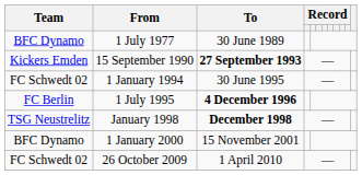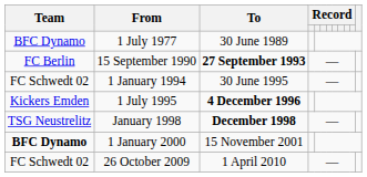 <table class="wikitable" style="text-align: center">
 <tr>
 <th rowspan="2">Team</th>
 <th rowspan="2">From</th>
 <th rowspan="2">To</th>
 <th colspan="8">Record</th>
 <th rowspan="2"></th>
 </tr>
 <tr>
 <th></th>
 <th></th>
 <th></th>
 <th></th>
 <th></th>
 <th></th>
 <th></th>
 <th></th>
 </tr>
 <tr>
 <td><a href='#'>BFC Dynamo</a></td>
 <td>1 July 1977</td>
 <td>30 June 1989<br></td>
 <td></td>
 </tr>
 <tr>
-<td><a href='#'>Kickers Emden</a></td>
+<td><a href='#'>FC Berlin</a></td>
 <td>15 September 1990</td>
 <td><strong>27 September 1993</strong></td>
 <td colspan="8">—</td>
 <td></td>
 </tr>
 <tr>
 <td>FC Schwedt 02</td>
 <td>1 January 1994</td>
 <td>30 June 1995</td>
 <td colspan="8">—</td>
 <td></td>
 </tr>
 <tr>
-<td><a href='#'>FC Berlin</a></td>
+<td><a href='#'>Kickers Emden</a></td>
 <td>1 July 1995</td>
 <td><strong>4 December 1996<br></strong></td>
 <td></td>
 </tr>
 <tr>
 <td><a href='#'>TSG Neustrelitz</a></td>
 <td>January 1998</td>
 <td><strong>December 1998</strong></td>
 <td colspan="8">—</td>
 <td></td>
 </tr>
 <tr>
-<td>BFC Dynamo</td>
+<td><strong>BFC Dynamo</strong></td>
 <td>1 January 2000</td>
 <td>15 November 2001<br></td>
 <td></td>
 </tr>
 <tr>
 <td>FC Schwedt 02</td>
 <td>26 October 2009</td>
 <td>1 April 2010</td>
 <td colspan="8">—</td>
 <td></td>
 </tr>
 </table>
